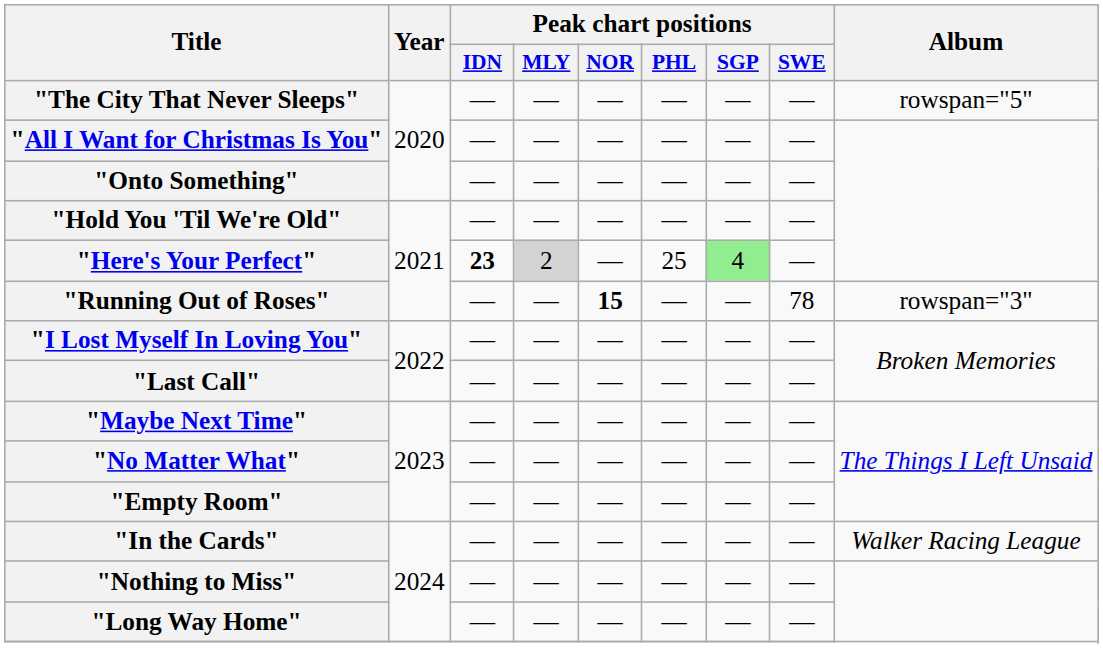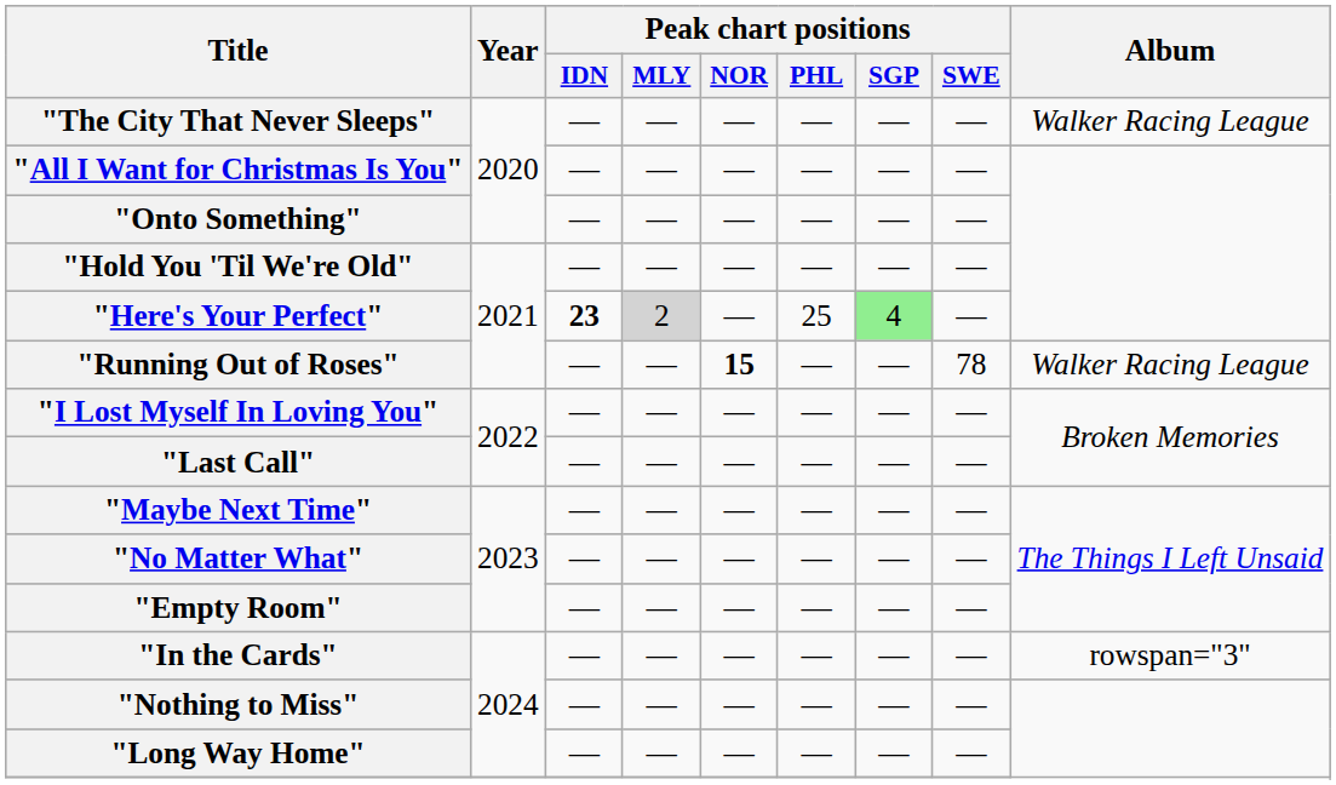 <table class="wikitable plainrowheaders" style="text-align:center;">
 <tr>
 <th scope="col" rowspan="2">Title</th>
 <th scope="col" rowspan="2">Year</th>
 <th colspan="6">Peak chart positions</th>
 <th scope="col" rowspan="2">Album</th>
 </tr>
 <tr>
 <th scope="col" style="width:2.5em;font-size:85%"><a href='#'>IDN</a><br></th>
 <th scope="col" style="width:2.5em;font-size:85%"><a href='#'>MLY</a><br></th>
 <th scope="col" style="width:2.5em;font-size:85%"><a href='#'>NOR</a><br></th>
 <th scope="col" style="width:2.5em;font-size:85%"><a href='#'>PHL</a><br></th>
 <th scope="col" style="width:2.5em;font-size:85%"><a href='#'>SGP</a><br></th>
 <th scope="col" style="width:2.5em;font-size:85%"><a href='#'>SWE</a><br></th>
 </tr>
 <tr>
 <th scope="row">"The City That Never Sleeps"</th>
 <td rowspan="3">2020</td>
 <td>—</td>
 <td>—</td>
 <td>—</td>
 <td>—</td>
 <td>—</td>
 <td>—</td>
-<td>rowspan="5" </td>
+<td><em>Walker Racing League</em></td>
 </tr>
 <tr>
 <th scope="row">"<a href='#'>All I Want for Christmas Is You</a>"</th>
 <td>—</td>
 <td>—</td>
 <td>—</td>
 <td>—</td>
 <td>—</td>
 <td>—</td>
 </tr>
 <tr>
 <th scope="row">"Onto Something"</th>
 <td>—</td>
 <td>—</td>
 <td>—</td>
 <td>—</td>
 <td>—</td>
 <td>—</td>
 </tr>
 <tr>
 <th scope="row">"Hold You 'Til We're Old"</th>
 <td rowspan="3">2021</td>
 <td>—</td>
 <td>—</td>
 <td>—</td>
 <td>—</td>
 <td>—</td>
 <td>—</td>
 </tr>
 <tr>
 <th scope="row">"<a href='#'>Here's Your Perfect</a>"</th>
 <td><strong>23</strong></td>
 <td style="background: lightgrey;">2</td>
 <td>—</td>
 <td>25</td>
 <td style="background: lightgreen;">4</td>
 <td>—</td>
 </tr>
 <tr>
 <th scope="row">"Running Out of Roses"<br></th>
 <td>—</td>
 <td>—</td>
 <td><strong>15</strong></td>
 <td>—</td>
 <td>—</td>
 <td>78</td>
-<td>rowspan="3" </td>
+<td><em>Walker Racing League</em></td>
 </tr>
 <tr>
 <th scope="row">"<a href='#'>I Lost Myself In Loving You</a>"</th>
 <td rowspan=2>2022</td>
 <td>—</td>
 <td>—</td>
 <td>—</td>
 <td>—</td>
 <td>—</td>
 <td>—</td>
 <td rowspan=2><em>Broken Memories</em></td>
 </tr>
 <tr>
 <th scope="row">"Last Call"</th>
 <td>—</td>
 <td>—</td>
 <td>—</td>
 <td>—</td>
 <td>—</td>
 <td>—</td>
 </tr>
 <tr>
 <th scope="row">"<a href='#'>Maybe Next Time</a>"</th>
 <td rowspan=3>2023</td>
 <td>—</td>
 <td>—</td>
 <td>—</td>
 <td>—</td>
 <td>—</td>
 <td>—</td>
 <td rowspan=3><em><a href='#'>The Things I Left Unsaid</a></em></td>
 </tr>
 <tr>
 <th scope="row">"<a href='#'>No Matter What</a>"</th>
 <td>—</td>
 <td>—</td>
 <td>—</td>
 <td>—</td>
 <td>—</td>
 <td>—</td>
 </tr>
 <tr>
 <th scope="row">"Empty Room"</th>
 <td>—</td>
 <td>—</td>
 <td>—</td>
 <td>—</td>
 <td>—</td>
 <td>—</td>
 </tr>
 <tr>
 <th scope="row">"In the Cards"</th>
 <td rowspan="3">2024</td>
 <td>—</td>
 <td>—</td>
 <td>—</td>
 <td>—</td>
 <td>—</td>
 <td>—</td>
-<td><em>Walker Racing League</em></td>
+<td>rowspan="3" </td>
 </tr>
 <tr>
 <th scope="row">"Nothing to Miss"</th>
 <td>—</td>
 <td>—</td>
 <td>—</td>
 <td>—</td>
 <td>—</td>
 <td>—</td>
 </tr>
 <tr>
 <th scope="row">"Long Way Home"</th>
 <td>—</td>
 <td>—</td>
 <td>—</td>
 <td>—</td>
 <td>—</td>
 <td>—</td>
 </tr>
 <tr>
 </tr>
 </table>
